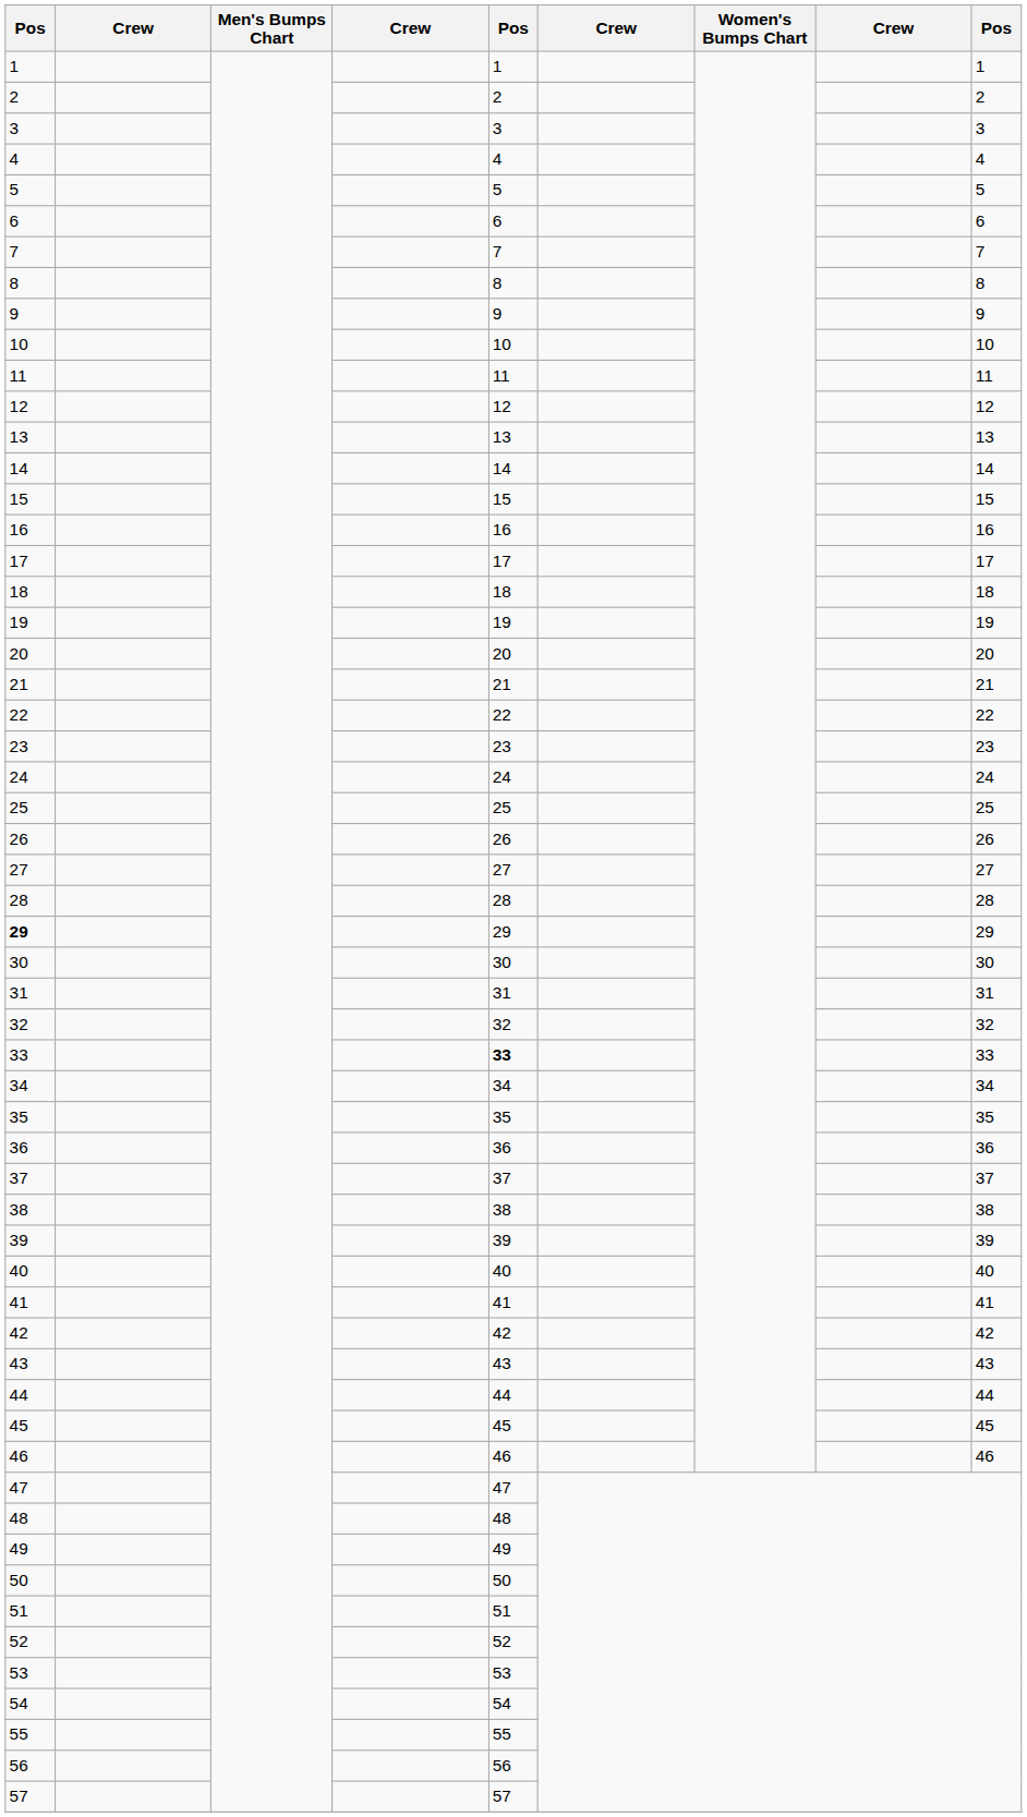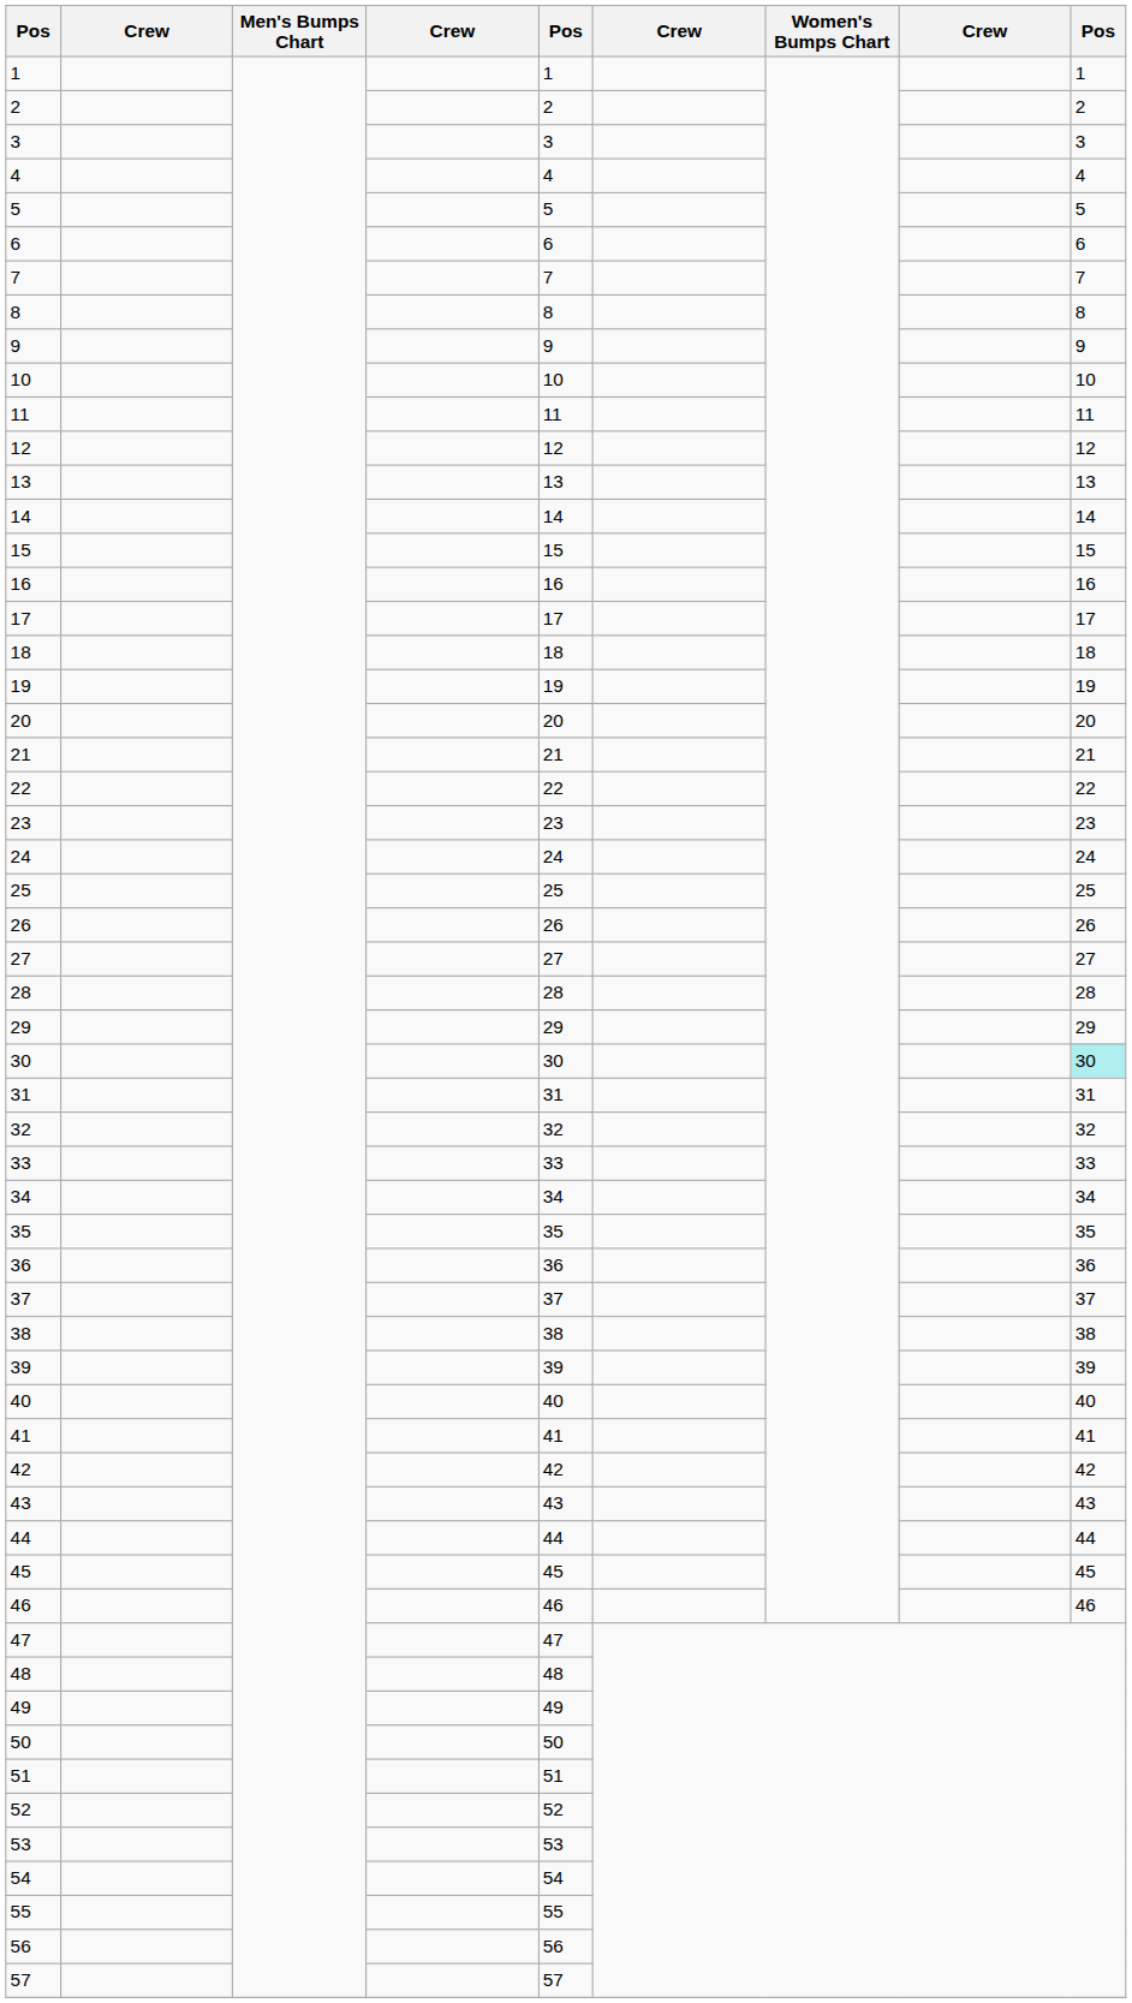 <table class="wikitable" style="font-size:88%; white-space:nowrap; margin:0.5em auto">
 <tr style="white-space:normal">
 <th width=35>Pos</th>
 <th width=125>Crew</th>
 <th width=95>Men's Bumps Chart</th>
 <th width=125>Crew</th>
 <th width=35>Pos</th>
 <th width=125>Crew</th>
 <th width=95>Women's Bumps Chart</th>
 <th width=125>Crew</th>
 <th width=35>Pos</th>
 </tr>
 <tr style="height:26px">
 <td>1</td>
 <td></td>
 <td rowspan="57" style="padding:0"></td>
 <td></td>
 <td>1</td>
 <td></td>
 <td rowspan="46" style="padding:0"></td>
 <td></td>
 <td>1</td>
 </tr>
 <tr style="height:26px">
 <td>2</td>
 <td></td>
 <td></td>
 <td>2</td>
 <td></td>
 <td></td>
 <td>2</td>
 </tr>
 <tr style="height:26px">
 <td>3</td>
 <td></td>
 <td></td>
 <td>3</td>
 <td></td>
 <td></td>
 <td>3</td>
 </tr>
 <tr style="height:26px">
 <td>4</td>
 <td></td>
 <td></td>
 <td>4</td>
 <td></td>
 <td></td>
 <td>4</td>
 </tr>
 <tr style="height:26px">
 <td>5</td>
 <td></td>
 <td></td>
 <td>5</td>
 <td></td>
 <td></td>
 <td>5</td>
 </tr>
 <tr style="height:26px">
 <td>6</td>
 <td></td>
 <td></td>
 <td>6</td>
 <td></td>
 <td></td>
 <td>6</td>
 </tr>
 <tr style="height:26px">
 <td>7</td>
 <td></td>
 <td></td>
 <td>7</td>
 <td></td>
 <td></td>
 <td>7</td>
 </tr>
 <tr style="height:26px">
 <td>8</td>
 <td></td>
 <td></td>
 <td>8</td>
 <td></td>
 <td></td>
 <td>8</td>
 </tr>
 <tr style="height:26px">
 <td>9</td>
 <td></td>
 <td></td>
 <td>9</td>
 <td></td>
 <td></td>
 <td>9</td>
 </tr>
 <tr style="height:26px">
 <td>10</td>
 <td></td>
 <td></td>
 <td>10</td>
 <td></td>
 <td></td>
 <td>10</td>
 </tr>
 <tr style="height:26px">
 <td>11</td>
 <td></td>
 <td></td>
 <td>11</td>
 <td></td>
 <td></td>
 <td>11</td>
 </tr>
 <tr style="height:26px">
 <td>12</td>
 <td></td>
 <td></td>
 <td>12</td>
 <td></td>
 <td></td>
 <td>12</td>
 </tr>
 <tr style="height:26px">
 <td>13</td>
 <td></td>
 <td></td>
 <td>13</td>
 <td></td>
 <td></td>
 <td>13</td>
 </tr>
 <tr style="height:26px">
 <td>14</td>
 <td></td>
 <td></td>
 <td>14</td>
 <td></td>
 <td></td>
 <td>14</td>
 </tr>
 <tr style="height:26px">
 <td>15</td>
 <td></td>
 <td></td>
 <td>15</td>
 <td></td>
 <td></td>
 <td>15</td>
 </tr>
 <tr style="height:26px">
 <td>16</td>
 <td></td>
 <td></td>
 <td>16</td>
 <td></td>
 <td></td>
 <td>16</td>
 </tr>
 <tr style="height:26px">
 <td>17</td>
 <td></td>
 <td></td>
 <td>17</td>
 <td></td>
 <td></td>
 <td>17</td>
 </tr>
 <tr style="height:26px">
 <td>18</td>
 <td></td>
 <td></td>
 <td>18</td>
 <td></td>
 <td></td>
 <td>18</td>
 </tr>
 <tr style="height:26px">
 <td>19</td>
 <td></td>
 <td></td>
 <td>19</td>
 <td></td>
 <td></td>
 <td>19</td>
 </tr>
 <tr style="height:26px">
 <td>20</td>
 <td></td>
 <td></td>
 <td>20</td>
 <td></td>
 <td></td>
 <td>20</td>
 </tr>
 <tr style="height:26px">
 <td>21</td>
 <td></td>
 <td></td>
 <td>21</td>
 <td></td>
 <td></td>
 <td>21</td>
 </tr>
 <tr style="height:26px">
 <td>22</td>
 <td></td>
 <td></td>
 <td>22</td>
 <td></td>
 <td></td>
 <td>22</td>
 </tr>
 <tr style="height:26px">
 <td>23</td>
 <td></td>
 <td></td>
 <td>23</td>
 <td></td>
 <td></td>
 <td>23</td>
 </tr>
 <tr style="height:26px">
 <td>24</td>
 <td></td>
 <td></td>
 <td>24</td>
 <td></td>
 <td></td>
 <td>24</td>
 </tr>
 <tr style="height:26px">
 <td>25</td>
 <td></td>
 <td></td>
 <td>25</td>
 <td></td>
 <td></td>
 <td>25</td>
 </tr>
 <tr style="height:26px">
 <td>26</td>
 <td></td>
 <td></td>
 <td>26</td>
 <td></td>
 <td></td>
 <td>26</td>
 </tr>
 <tr style="height:26px">
 <td>27</td>
 <td></td>
 <td></td>
 <td>27</td>
 <td></td>
 <td></td>
 <td>27</td>
 </tr>
 <tr style="height:26px">
 <td>28</td>
 <td></td>
 <td></td>
 <td>28</td>
 <td></td>
 <td></td>
 <td>28</td>
 </tr>
 <tr style="height:26px">
-<td><strong>29</strong></td>
+<td>29</td>
 <td></td>
 <td></td>
 <td>29</td>
 <td></td>
 <td></td>
 <td>29</td>
 </tr>
 <tr style="height:26px">
 <td>30</td>
 <td></td>
 <td></td>
 <td>30</td>
 <td></td>
 <td></td>
-<td>30</td>
+<td style="background: paleturquoise;">30</td>
 </tr>
 <tr style="height:26px">
 <td>31</td>
 <td></td>
 <td></td>
 <td>31</td>
 <td></td>
 <td></td>
 <td>31</td>
 </tr>
 <tr style="height:26px">
 <td>32</td>
 <td></td>
 <td></td>
 <td>32</td>
 <td></td>
 <td></td>
 <td>32</td>
 </tr>
 <tr style="height:26px">
 <td>33</td>
 <td></td>
 <td></td>
-<td><strong>33</strong></td>
+<td>33</td>
 <td></td>
 <td></td>
 <td>33</td>
 </tr>
 <tr style="height:26px">
 <td>34</td>
 <td></td>
 <td></td>
 <td>34</td>
 <td></td>
 <td></td>
 <td>34</td>
 </tr>
 <tr style="height:26px">
 <td>35</td>
 <td></td>
 <td></td>
 <td>35</td>
 <td></td>
 <td></td>
 <td>35</td>
 </tr>
 <tr style="height:26px">
 <td>36</td>
 <td></td>
 <td></td>
 <td>36</td>
 <td></td>
 <td></td>
 <td>36</td>
 </tr>
 <tr style="height:26px">
 <td>37</td>
 <td></td>
 <td></td>
 <td>37</td>
 <td></td>
 <td></td>
 <td>37</td>
 </tr>
 <tr style="height:26px">
 <td>38</td>
 <td></td>
 <td></td>
 <td>38</td>
 <td></td>
 <td></td>
 <td>38</td>
 </tr>
 <tr style="height:26px">
 <td>39</td>
 <td></td>
 <td></td>
 <td>39</td>
 <td></td>
 <td></td>
 <td>39</td>
 </tr>
 <tr style="height:26px">
 <td>40</td>
 <td></td>
 <td></td>
 <td>40</td>
 <td></td>
 <td></td>
 <td>40</td>
 </tr>
 <tr style="height:26px">
 <td>41</td>
 <td></td>
 <td></td>
 <td>41</td>
 <td></td>
 <td></td>
 <td>41</td>
 </tr>
 <tr style="height:26px">
 <td>42</td>
 <td></td>
 <td></td>
 <td>42</td>
 <td></td>
 <td></td>
 <td>42</td>
 </tr>
 <tr style="height:26px">
 <td>43</td>
 <td></td>
 <td></td>
 <td>43</td>
 <td></td>
 <td></td>
 <td>43</td>
 </tr>
 <tr style="height:26px">
 <td>44</td>
 <td></td>
 <td></td>
 <td>44</td>
 <td></td>
 <td></td>
 <td>44</td>
 </tr>
 <tr style="height:26px">
 <td>45</td>
 <td></td>
 <td></td>
 <td>45</td>
 <td></td>
 <td></td>
 <td>45</td>
 </tr>
 <tr style="height:26px">
 <td>46</td>
 <td></td>
 <td></td>
 <td>46</td>
 <td></td>
 <td></td>
 <td>46</td>
 </tr>
 <tr style="height:26px">
 <td>47</td>
 <td></td>
 <td></td>
 <td>47</td>
 <td colspan="4" rowspan="11"> </td>
 </tr>
 <tr style="height:26px">
 <td>48</td>
 <td></td>
 <td></td>
 <td>48</td>
 </tr>
 <tr style="height:26px">
 <td>49</td>
 <td></td>
 <td></td>
 <td>49</td>
 </tr>
 <tr style="height:26px">
 <td>50</td>
 <td></td>
 <td></td>
 <td>50</td>
 </tr>
 <tr style="height:26px">
 <td>51</td>
 <td></td>
 <td></td>
 <td>51</td>
 </tr>
 <tr style="height:26px">
 <td>52</td>
 <td></td>
 <td></td>
 <td>52</td>
 </tr>
 <tr style="height:26px">
 <td>53</td>
 <td></td>
 <td></td>
 <td>53</td>
 </tr>
 <tr style="height:26px">
 <td>54</td>
 <td></td>
 <td></td>
 <td>54</td>
 </tr>
 <tr style="height:26px">
 <td>55</td>
 <td></td>
 <td></td>
 <td>55</td>
 </tr>
 <tr style="height:26px">
 <td>56</td>
 <td></td>
 <td></td>
 <td>56</td>
 </tr>
 <tr style="height:26px">
 <td>57</td>
 <td></td>
 <td></td>
 <td>57</td>
 </tr>
 <tr>
 </tr>
 </table>
